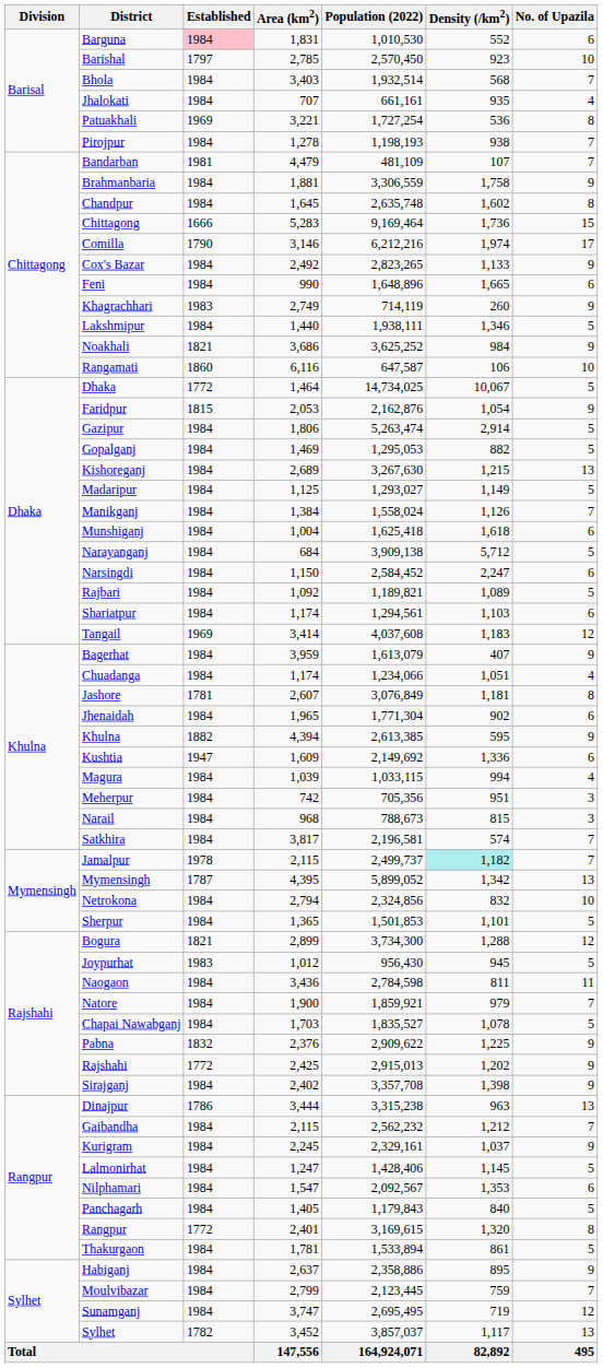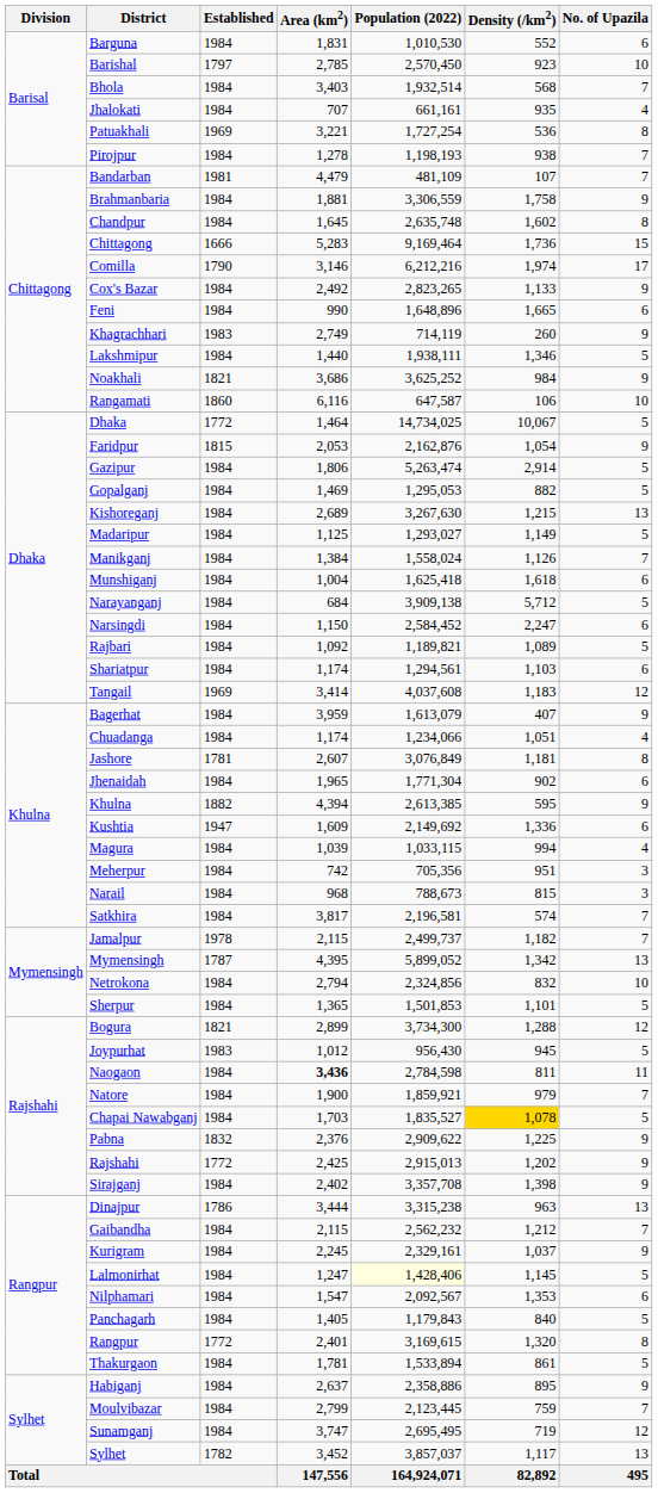 <table class="wikitable sortable" style="text-align:left">
 <tr>
 <th style="text-align:center">Division</th>
 <th style="text-align:center">District</th>
 <th style="text-align:center">Established</th>
 <th style="text-align:center" data-sort-type="number">Area (km<sup>2</sup>)</th>
 <th style="text-align:center" data-sort-type="number">Population (2022)</th>
 <th style="text-align:center" data-sort-type="number">Density (/km<sup>2</sup>)</th>
 <th style="text-align:center" data-sort-type="number">No. of Upazila </th>
 </tr>
 <tr>
 <td rowspan="6"><a href='#'>Barisal</a></td>
 <td><a href='#'>Barguna</a></td>
-<td style="background: pink;">1984</td>
+<td>1984</td>
 <td style="text-align:right;">1,831</td>
 <td style="text-align:right;">1,010,530</td>
 <td style="text-align:right;">552</td>
 <td style="text-align:right;">6</td>
 </tr>
 <tr>
 <td><a href='#'>Barishal</a></td>
 <td>1797</td>
 <td style="text-align:right;">2,785</td>
 <td style="text-align:right;">2,570,450</td>
 <td style="text-align:right;">923</td>
 <td style="text-align:right;">10</td>
 </tr>
 <tr>
 <td><a href='#'>Bhola</a></td>
 <td>1984</td>
 <td style="text-align:right;">3,403</td>
 <td style="text-align:right;">1,932,514</td>
 <td style="text-align:right;">568</td>
 <td style="text-align:right;">7</td>
 </tr>
 <tr>
 <td><a href='#'>Jhalokati</a></td>
 <td>1984</td>
 <td style="text-align:right;">707</td>
 <td style="text-align:right;">661,161</td>
 <td style="text-align:right;">935</td>
 <td style="text-align:right;">4</td>
 </tr>
 <tr>
 <td><a href='#'>Patuakhali</a></td>
 <td>1969</td>
 <td style="text-align:right;">3,221</td>
 <td style="text-align:right;">1,727,254</td>
 <td style="text-align:right;">536</td>
 <td style="text-align:right;">8</td>
 </tr>
 <tr>
 <td><a href='#'>Pirojpur</a></td>
 <td>1984</td>
 <td style="text-align:right;">1,278</td>
 <td style="text-align:right;">1,198,193</td>
 <td style="text-align:right;">938</td>
 <td style="text-align:right;">7</td>
 </tr>
 <tr>
 <td rowspan="11"><a href='#'>Chittagong</a></td>
 <td><a href='#'>Bandarban</a></td>
 <td>1981</td>
 <td style="text-align:right;">4,479</td>
 <td style="text-align:right;">481,109</td>
 <td style="text-align:right;">107</td>
 <td style="text-align:right;">7</td>
 </tr>
 <tr>
 <td><a href='#'>Brahmanbaria</a></td>
 <td>1984</td>
 <td style="text-align:right;">1,881</td>
 <td style="text-align:right;">3,306,559</td>
 <td style="text-align:right;">1,758</td>
 <td style="text-align:right;">9</td>
 </tr>
 <tr>
 <td><a href='#'>Chandpur</a></td>
 <td>1984</td>
 <td style="text-align:right;">1,645</td>
 <td style="text-align:right;">2,635,748</td>
 <td style="text-align:right;">1,602</td>
 <td style="text-align:right;">8</td>
 </tr>
 <tr>
 <td><a href='#'>Chittagong</a></td>
 <td>1666</td>
 <td style="text-align:right;">5,283</td>
 <td style="text-align:right;">9,169,464</td>
 <td style="text-align:right;">1,736</td>
 <td style="text-align:right;">15</td>
 </tr>
 <tr>
 <td><a href='#'>Comilla</a></td>
 <td>1790</td>
 <td style="text-align:right;">3,146</td>
 <td style="text-align:right;">6,212,216</td>
 <td style="text-align:right;">1,974</td>
 <td style="text-align:right;">17</td>
 </tr>
 <tr>
 <td><a href='#'>Cox's Bazar</a></td>
 <td>1984</td>
 <td style="text-align:right;">2,492</td>
 <td style="text-align:right;">2,823,265</td>
 <td style="text-align:right;">1,133</td>
 <td style="text-align:right;">9</td>
 </tr>
 <tr>
 <td><a href='#'>Feni</a></td>
 <td>1984</td>
 <td style="text-align:right;">990</td>
 <td style="text-align:right;">1,648,896</td>
 <td style="text-align:right;">1,665</td>
 <td style="text-align:right;">6</td>
 </tr>
 <tr>
 <td><a href='#'>Khagrachhari</a></td>
 <td>1983</td>
 <td style="text-align:right;">2,749</td>
 <td style="text-align:right;">714,119</td>
 <td style="text-align:right;">260</td>
 <td style="text-align:right;">9</td>
 </tr>
 <tr>
 <td><a href='#'>Lakshmipur</a></td>
 <td>1984</td>
 <td style="text-align:right;">1,440</td>
 <td style="text-align:right;">1,938,111</td>
 <td style="text-align:right;">1,346</td>
 <td style="text-align:right;">5</td>
 </tr>
 <tr>
 <td><a href='#'>Noakhali</a></td>
 <td>1821</td>
 <td style="text-align:right;">3,686</td>
 <td style="text-align:right;">3,625,252</td>
 <td style="text-align:right;">984</td>
 <td style="text-align:right;">9</td>
 </tr>
 <tr>
 <td><a href='#'>Rangamati</a></td>
 <td>1860</td>
 <td style="text-align:right;">6,116</td>
 <td style="text-align:right;">647,587</td>
 <td style="text-align:right;">106</td>
 <td style="text-align:right;">10</td>
 </tr>
 <tr>
 <td rowspan="13"><a href='#'>Dhaka</a></td>
 <td><a href='#'>Dhaka</a></td>
 <td>1772</td>
 <td style="text-align:right;">1,464</td>
 <td style="text-align:right;">14,734,025</td>
 <td style="text-align:right;">10,067</td>
 <td style="text-align:right;">5</td>
 </tr>
 <tr>
 <td><a href='#'>Faridpur</a></td>
 <td>1815</td>
 <td style="text-align:right;">2,053</td>
 <td style="text-align:right;">2,162,876</td>
 <td style="text-align:right;">1,054</td>
 <td style="text-align:right;">9</td>
 </tr>
 <tr>
 <td><a href='#'>Gazipur</a></td>
 <td>1984</td>
 <td style="text-align:right;">1,806</td>
 <td style="text-align:right;">5,263,474</td>
 <td style="text-align:right;">2,914</td>
 <td style="text-align:right;">5</td>
 </tr>
 <tr>
 <td><a href='#'>Gopalganj</a></td>
 <td>1984</td>
 <td style="text-align:right;">1,469</td>
 <td style="text-align:right;">1,295,053</td>
 <td style="text-align:right;">882</td>
 <td style="text-align:right;">5</td>
 </tr>
 <tr>
 <td><a href='#'>Kishoreganj</a></td>
 <td>1984</td>
 <td style="text-align:right;">2,689</td>
 <td style="text-align:right;">3,267,630</td>
 <td style="text-align:right;">1,215</td>
 <td style="text-align:right;">13</td>
 </tr>
 <tr>
 <td><a href='#'>Madaripur</a></td>
 <td>1984</td>
 <td style="text-align:right;">1,125</td>
 <td style="text-align:right;">1,293,027</td>
 <td style="text-align:right;">1,149</td>
 <td style="text-align:right;">5</td>
 </tr>
 <tr>
 <td><a href='#'>Manikganj</a></td>
 <td>1984</td>
 <td style="text-align:right;">1,384</td>
 <td style="text-align:right;">1,558,024</td>
 <td style="text-align:right;">1,126</td>
 <td style="text-align:right;">7</td>
 </tr>
 <tr>
 <td><a href='#'>Munshiganj</a></td>
 <td>1984</td>
 <td style="text-align:right;">1,004</td>
 <td style="text-align:right;">1,625,418</td>
 <td style="text-align:right;">1,618</td>
 <td style="text-align:right;">6</td>
 </tr>
 <tr>
 <td><a href='#'>Narayanganj</a></td>
 <td>1984</td>
 <td style="text-align:right;">684</td>
 <td style="text-align:right;">3,909,138</td>
 <td style="text-align:right;">5,712</td>
 <td style="text-align:right;">5</td>
 </tr>
 <tr>
 <td><a href='#'>Narsingdi</a></td>
 <td>1984</td>
 <td style="text-align:right;">1,150</td>
 <td style="text-align:right;">2,584,452</td>
 <td style="text-align:right;">2,247</td>
 <td style="text-align:right;">6</td>
 </tr>
 <tr>
 <td><a href='#'>Rajbari</a></td>
 <td>1984</td>
 <td style="text-align:right;">1,092</td>
 <td style="text-align:right;">1,189,821</td>
 <td style="text-align:right;">1,089</td>
 <td style="text-align:right;">5</td>
 </tr>
 <tr>
 <td><a href='#'>Shariatpur</a></td>
 <td>1984</td>
 <td style="text-align:right;">1,174</td>
 <td style="text-align:right;">1,294,561</td>
 <td style="text-align:right;">1,103</td>
 <td style="text-align:right;">6</td>
 </tr>
 <tr>
 <td><a href='#'>Tangail</a></td>
 <td>1969</td>
 <td style="text-align:right;">3,414</td>
 <td style="text-align:right;">4,037,608</td>
 <td style="text-align:right;">1,183</td>
 <td style="text-align:right;">12</td>
 </tr>
 <tr>
 <td rowspan="10"><a href='#'>Khulna</a></td>
 <td><a href='#'>Bagerhat</a></td>
 <td>1984</td>
 <td style="text-align:right;">3,959</td>
 <td style="text-align:right;">1,613,079</td>
 <td style="text-align:right;">407</td>
 <td style="text-align:right;">9</td>
 </tr>
 <tr>
 <td><a href='#'>Chuadanga</a></td>
 <td>1984</td>
 <td style="text-align:right;">1,174</td>
 <td style="text-align:right;">1,234,066</td>
 <td style="text-align:right;">1,051</td>
 <td style="text-align:right;">4</td>
 </tr>
 <tr>
 <td><a href='#'>Jashore</a></td>
 <td>1781</td>
 <td style="text-align:right;">2,607</td>
 <td style="text-align:right;">3,076,849</td>
 <td style="text-align:right;">1,181</td>
 <td style="text-align:right;">8</td>
 </tr>
 <tr>
 <td><a href='#'>Jhenaidah</a></td>
 <td>1984</td>
 <td style="text-align:right;">1,965</td>
 <td style="text-align:right;">1,771,304</td>
 <td style="text-align:right;">902</td>
 <td style="text-align:right;">6</td>
 </tr>
 <tr>
 <td><a href='#'>Khulna</a></td>
 <td>1882</td>
 <td style="text-align:right;">4,394</td>
 <td style="text-align:right;">2,613,385</td>
 <td style="text-align:right;">595</td>
 <td style="text-align:right;">9</td>
 </tr>
 <tr>
 <td><a href='#'>Kushtia</a></td>
 <td>1947</td>
 <td style="text-align:right;">1,609</td>
 <td style="text-align:right;">2,149,692</td>
 <td style="text-align:right;">1,336</td>
 <td style="text-align:right;">6</td>
 </tr>
 <tr>
 <td><a href='#'>Magura</a></td>
 <td>1984</td>
 <td style="text-align:right;">1,039</td>
 <td style="text-align:right;">1,033,115</td>
 <td style="text-align:right;">994</td>
 <td style="text-align:right;">4</td>
 </tr>
 <tr>
 <td><a href='#'>Meherpur</a></td>
 <td>1984</td>
 <td style="text-align:right;">742</td>
 <td style="text-align:right;">705,356</td>
 <td style="text-align:right;">951</td>
 <td style="text-align:right;">3</td>
 </tr>
 <tr>
 <td><a href='#'>Narail</a></td>
 <td>1984</td>
 <td style="text-align:right;">968</td>
 <td style="text-align:right;">788,673</td>
 <td style="text-align:right;">815</td>
 <td style="text-align:right;">3</td>
 </tr>
 <tr>
 <td><a href='#'>Satkhira</a></td>
 <td>1984</td>
 <td style="text-align:right;">3,817</td>
 <td style="text-align:right;">2,196,581</td>
 <td style="text-align:right;">574</td>
 <td style="text-align:right;">7</td>
 </tr>
 <tr>
 <td rowspan="4"><a href='#'>Mymensingh</a></td>
 <td><a href='#'>Jamalpur</a></td>
 <td>1978</td>
 <td style="text-align:right;">2,115</td>
 <td style="text-align:right;">2,499,737</td>
-<td style="background: paleturquoise; text-align:right;">1,182</td>
+<td style="text-align:right;">1,182</td>
 <td style="text-align:right;">7</td>
 </tr>
 <tr>
 <td><a href='#'>Mymensingh</a></td>
 <td>1787</td>
 <td style="text-align:right;">4,395</td>
 <td style="text-align:right;">5,899,052</td>
 <td style="text-align:right;">1,342</td>
 <td style="text-align:right;">13</td>
 </tr>
 <tr>
 <td><a href='#'>Netrokona</a></td>
 <td>1984</td>
 <td style="text-align:right;">2,794</td>
 <td style="text-align:right;">2,324,856</td>
 <td style="text-align:right;">832</td>
 <td style="text-align:right;">10</td>
 </tr>
 <tr>
 <td><a href='#'>Sherpur</a></td>
 <td>1984</td>
 <td style="text-align:right;">1,365</td>
 <td style="text-align:right;">1,501,853</td>
 <td style="text-align:right;">1,101</td>
 <td style="text-align:right;">5</td>
 </tr>
 <tr>
 <td rowspan="8"><a href='#'>Rajshahi</a></td>
 <td><a href='#'>Bogura</a></td>
 <td>1821</td>
 <td style="text-align:right;">2,899</td>
 <td style="text-align:right;">3,734,300</td>
 <td style="text-align:right;">1,288</td>
 <td style="text-align:right;">12</td>
 </tr>
 <tr>
 <td><a href='#'>Joypurhat</a></td>
 <td>1983</td>
 <td style="text-align:right;">1,012</td>
 <td style="text-align:right;">956,430</td>
 <td style="text-align:right;">945</td>
 <td style="text-align:right;">5</td>
 </tr>
 <tr>
 <td><a href='#'>Naogaon</a></td>
 <td>1984</td>
-<td style="text-align:right;">3,436</td>
+<td style="text-align:right;"><strong>3,436</strong></td>
 <td style="text-align:right;">2,784,598</td>
 <td style="text-align:right;">811</td>
 <td style="text-align:right;">11</td>
 </tr>
 <tr>
 <td><a href='#'>Natore</a></td>
 <td>1984</td>
 <td style="text-align:right;">1,900</td>
 <td style="text-align:right;">1,859,921</td>
 <td style="text-align:right;">979</td>
 <td style="text-align:right;">7</td>
 </tr>
 <tr>
 <td><a href='#'>Chapai Nawabganj</a></td>
 <td>1984</td>
 <td style="text-align:right;">1,703</td>
 <td style="text-align:right;">1,835,527</td>
-<td style="text-align:right;">1,078</td>
+<td style="background: gold; text-align:right;">1,078</td>
 <td style="text-align:right;">5</td>
 </tr>
 <tr>
 <td><a href='#'>Pabna</a></td>
 <td>1832</td>
 <td style="text-align:right;">2,376</td>
 <td style="text-align:right;">2,909,622</td>
 <td style="text-align:right;">1,225</td>
 <td style="text-align:right;">9</td>
 </tr>
 <tr>
 <td><a href='#'>Rajshahi</a></td>
 <td>1772</td>
 <td style="text-align:right;">2,425</td>
 <td style="text-align:right;">2,915,013</td>
 <td style="text-align:right;">1,202</td>
 <td style="text-align:right;">9</td>
 </tr>
 <tr>
 <td><a href='#'>Sirajganj</a></td>
 <td>1984</td>
 <td style="text-align:right;">2,402</td>
 <td style="text-align:right;">3,357,708</td>
 <td style="text-align:right;">1,398</td>
 <td style="text-align:right;">9</td>
 </tr>
 <tr>
 <td rowspan="8"><a href='#'>Rangpur</a></td>
 <td><a href='#'>Dinajpur</a></td>
 <td>1786</td>
 <td style="text-align:right;">3,444</td>
 <td style="text-align:right;">3,315,238</td>
 <td style="text-align:right;">963</td>
 <td style="text-align:right;">13</td>
 </tr>
 <tr>
 <td><a href='#'>Gaibandha</a></td>
 <td>1984</td>
 <td style="text-align:right;">2,115</td>
 <td style="text-align:right;">2,562,232</td>
 <td style="text-align:right;">1,212</td>
 <td style="text-align:right;">7</td>
 </tr>
 <tr>
 <td><a href='#'>Kurigram</a></td>
 <td>1984</td>
 <td style="text-align:right;">2,245</td>
 <td style="text-align:right;">2,329,161</td>
 <td style="text-align:right;">1,037</td>
 <td style="text-align:right;">9</td>
 </tr>
 <tr>
 <td><a href='#'>Lalmonirhat</a></td>
 <td>1984</td>
 <td style="text-align:right;">1,247</td>
-<td style="text-align:right;">1,428,406</td>
+<td style="background: lightyellow; text-align:right;">1,428,406</td>
 <td style="text-align:right;">1,145</td>
 <td style="text-align:right;">5</td>
 </tr>
 <tr>
 <td><a href='#'>Nilphamari</a></td>
 <td>1984</td>
 <td style="text-align:right;">1,547</td>
 <td style="text-align:right;">2,092,567</td>
 <td style="text-align:right;">1,353</td>
 <td style="text-align:right;">6</td>
 </tr>
 <tr>
 <td><a href='#'>Panchagarh</a></td>
 <td>1984</td>
 <td style="text-align:right;">1,405</td>
 <td style="text-align:right;">1,179,843</td>
 <td style="text-align:right;">840</td>
 <td style="text-align:right;">5</td>
 </tr>
 <tr>
 <td><a href='#'>Rangpur</a></td>
 <td>1772</td>
 <td style="text-align:right;">2,401</td>
 <td style="text-align:right;">3,169,615</td>
 <td style="text-align:right;">1,320</td>
 <td style="text-align:right;">8</td>
 </tr>
 <tr>
 <td><a href='#'>Thakurgaon</a></td>
 <td>1984</td>
 <td style="text-align:right;">1,781</td>
 <td style="text-align:right;">1,533,894</td>
 <td style="text-align:right;">861</td>
 <td style="text-align:right;">5</td>
 </tr>
 <tr>
 <td rowspan="4"><a href='#'>Sylhet</a></td>
 <td><a href='#'>Habiganj</a></td>
 <td>1984</td>
 <td style="text-align:right;">2,637</td>
 <td style="text-align:right;">2,358,886</td>
 <td style="text-align:right;">895</td>
 <td style="text-align:right;">9</td>
 </tr>
 <tr>
 <td><a href='#'>Moulvibazar</a></td>
 <td>1984</td>
 <td style="text-align:right;">2,799</td>
 <td style="text-align:right;">2,123,445</td>
 <td style="text-align:right;">759</td>
 <td style="text-align:right;">7</td>
 </tr>
 <tr>
 <td><a href='#'>Sunamganj</a></td>
 <td>1984</td>
 <td style="text-align:right;">3,747</td>
 <td style="text-align:right;">2,695,495</td>
 <td style="text-align:right;">719</td>
 <td style="text-align:right;">12</td>
 </tr>
 <tr>
 <td><a href='#'>Sylhet</a></td>
 <td>1782</td>
 <td style="text-align:right;">3,452</td>
 <td style="text-align:right;">3,857,037</td>
 <td style="text-align:right;">1,117</td>
 <td style="text-align:right;">13</td>
 </tr>
 <tr>
 <th style="text-align:left" colspan="3">Total</th>
 <th style="text-align:right">147,556</th>
 <th style="text-align:right">164,924,071</th>
 <th style="text-align:right">82,892</th>
 <th style="text-align:right">495</th>
 </tr>
 </table>
